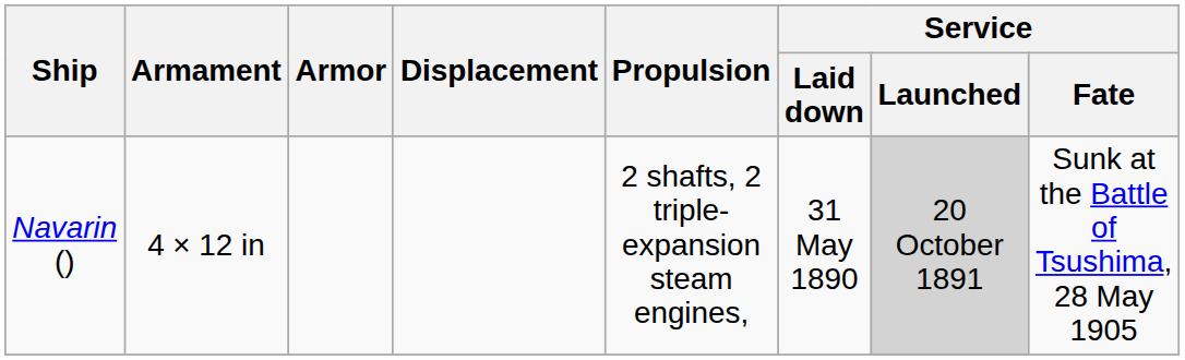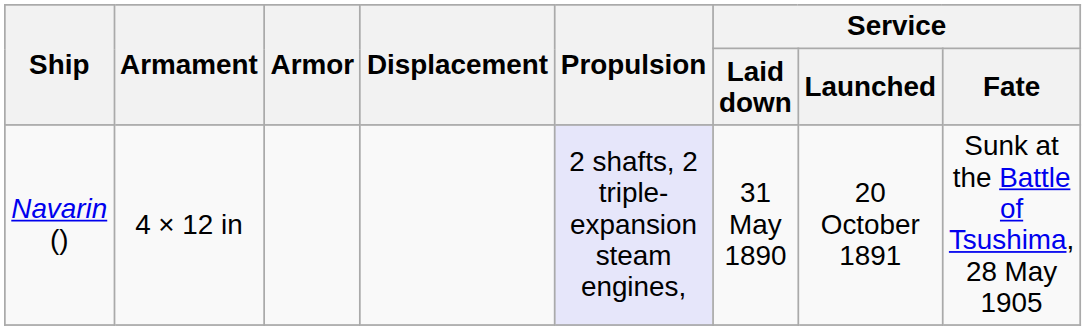 <table class="wikitable" style="text-align:center;">
 <tr>
 <th rowspan=2>Ship</th>
 <th rowspan=2>Armament</th>
 <th rowspan=2>Armor</th>
 <th rowspan=2>Displacement</th>
 <th rowspan=2>Propulsion</th>
 <th colspan=3>Service</th>
 </tr>
 <tr>
 <th>Laid down</th>
 <th>Launched</th>
 <th>Fate</th>
 </tr>
 <tr>
 <td><em><a href='#'>Navarin</a></em><br>()</td>
 <td>4 × 12 in</td>
 <td></td>
 <td></td>
-<td>2 shafts, 2 triple-expansion steam engines, </td>
+<td style="background: lavender;">2 shafts, 2 triple-expansion steam engines, </td>
 <td>31 May 1890</td>
-<td style="background: lightgrey;">20 October 1891</td>
+<td>20 October 1891</td>
 <td>Sunk at the <a href='#'>Battle of Tsushima</a>, 28 May 1905</td>
 </tr>
 </table>
